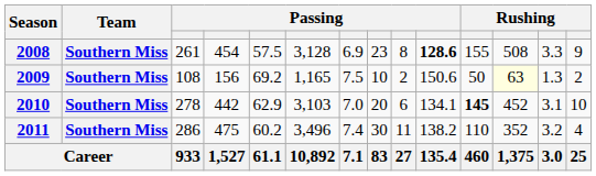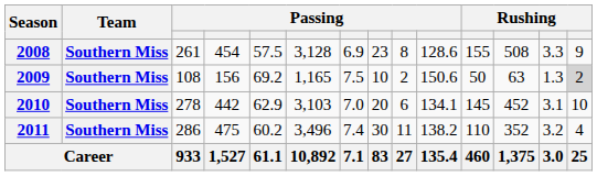 <table class="wikitable" style="text-align:center;">
 <tr>
 <th rowspan="2">Season</th>
 <th rowspan="2">Team</th>
 <th colspan="8">Passing</th>
 <th colspan="4">Rushing</th>
 </tr>
 <tr>
 <th></th>
 <th></th>
 <th></th>
 <th></th>
 <th></th>
 <th></th>
 <th></th>
 <th></th>
 <th></th>
 <th></th>
 <th></th>
 <th></th>
 </tr>
 <tr>
 <th><a href='#'>2008</a></th>
 <th><a href='#'>Southern Miss</a></th>
 <td>261</td>
 <td>454</td>
 <td>57.5</td>
 <td>3,128</td>
 <td>6.9</td>
 <td>23</td>
 <td>8</td>
-<td><strong>128.6</strong></td>
+<td>128.6</td>
 <td>155</td>
 <td>508</td>
 <td>3.3</td>
 <td>9</td>
 </tr>
 <tr>
 <th><a href='#'>2009</a></th>
 <th><a href='#'>Southern Miss</a></th>
 <td>108</td>
 <td>156</td>
 <td>69.2</td>
 <td>1,165</td>
 <td>7.5</td>
 <td>10</td>
 <td>2</td>
 <td>150.6</td>
 <td>50</td>
-<td style="background: lightyellow;">63</td>
+<td>63</td>
 <td>1.3</td>
-<td>2</td>
+<td style="background: lightgrey;">2</td>
 </tr>
 <tr>
 <th><a href='#'>2010</a></th>
 <th><a href='#'>Southern Miss</a></th>
 <td>278</td>
 <td>442</td>
 <td>62.9</td>
 <td>3,103</td>
 <td>7.0</td>
 <td>20</td>
 <td>6</td>
 <td>134.1</td>
-<td><strong>145</strong></td>
+<td>145</td>
 <td>452</td>
 <td>3.1</td>
 <td>10</td>
 </tr>
 <tr>
 <th><a href='#'>2011</a></th>
 <th><a href='#'>Southern Miss</a></th>
 <td>286</td>
 <td>475</td>
 <td>60.2</td>
 <td>3,496</td>
 <td>7.4</td>
 <td>30</td>
 <td>11</td>
 <td>138.2</td>
 <td>110</td>
 <td>352</td>
 <td>3.2</td>
 <td>4</td>
 </tr>
 <tr>
 <th colspan="2">Career</th>
 <th>933</th>
 <th>1,527</th>
 <th>61.1</th>
 <th>10,892</th>
 <th>7.1</th>
 <th>83</th>
 <th>27</th>
 <th>135.4</th>
 <th>460</th>
 <th>1,375</th>
 <th>3.0</th>
 <th>25</th>
 </tr>
 </table>
